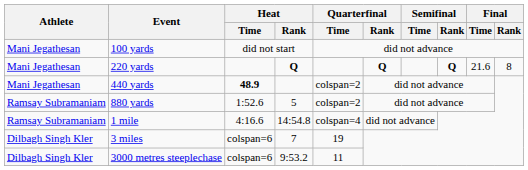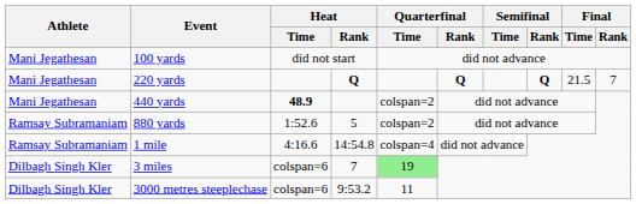 <table class="wikitable" style="font-size:90%">
 <tr>
 <th rowspan=2>Athlete</th>
 <th rowspan=2>Event</th>
 <th colspan=2>Heat</th>
 <th colspan=2>Quarterfinal</th>
 <th colspan=2>Semifinal</th>
 <th colspan=2>Final</th>
 </tr>
 <tr style="font-size:95%">
 <th>Time</th>
 <th>Rank</th>
 <th>Time</th>
 <th>Rank</th>
 <th>Time</th>
 <th>Rank</th>
 <th>Time</th>
 <th>Rank</th>
 </tr>
 <tr align=center>
 <td align=left><a href='#'>Mani Jegathesan</a></td>
 <td align=left><a href='#'>100 yards</a></td>
 <td colspan=2>did not start</td>
 <td colspan=6>did not advance</td>
 </tr>
 <tr align=center>
 <td align=left><a href='#'>Mani Jegathesan</a></td>
 <td align=left><a href='#'>220 yards</a></td>
 <td></td>
 <td><strong>Q</strong></td>
 <td></td>
 <td><strong>Q</strong></td>
 <td></td>
 <td><strong>Q</strong></td>
-<td>21.6</td>
-<td>8</td>
+<td>21.5</td>
+<td>7</td>
 </tr>
 <tr align=center>
 <td align=left><a href='#'>Mani Jegathesan</a></td>
 <td align=left><a href='#'>440 yards</a></td>
 <td><strong>48.9</strong></td>
 <td></td>
 <td>colspan=2 </td>
 <td colspan=4>did not advance</td>
 </tr>
 <tr align=center>
 <td align=left><a href='#'>Ramsay Subramaniam</a></td>
 <td align=left><a href='#'>880 yards</a></td>
 <td>1:52.6</td>
 <td>5</td>
 <td>colspan=2 </td>
 <td colspan=4>did not advance</td>
 </tr>
 <tr align=center>
 <td align=left><a href='#'>Ramsay Subramaniam</a></td>
 <td align=left><a href='#'>1 mile</a></td>
 <td>4:16.6</td>
 <td>14:54.8</td>
 <td>colspan=4 </td>
 <td colspan=2>did not advance</td>
 </tr>
 <tr align=center>
 <td align=left><a href='#'>Dilbagh Singh Kler</a></td>
 <td align=left><a href='#'>3 miles</a></td>
 <td>colspan=6 </td>
 <td>7</td>
-<td>19</td>
+<td style="background: lightgreen;">19</td>
 </tr>
 <tr align=center>
 <td align=left><a href='#'>Dilbagh Singh Kler</a></td>
 <td align=left><a href='#'>3000 metres steeplechase</a></td>
 <td>colspan=6 </td>
 <td>9:53.2</td>
 <td>11</td>
 </tr>
 </table>
